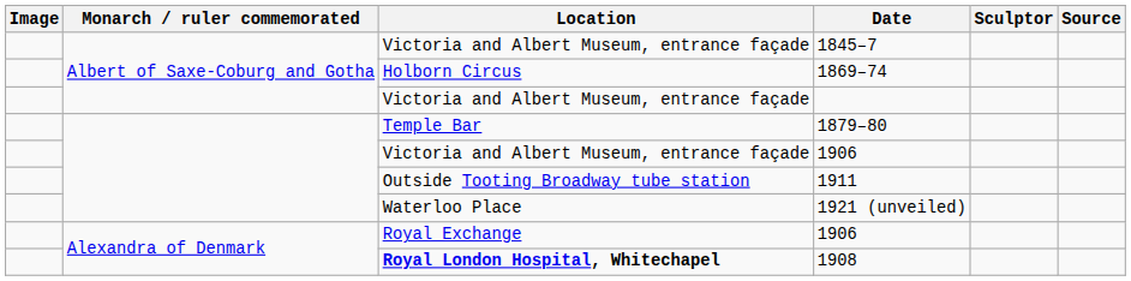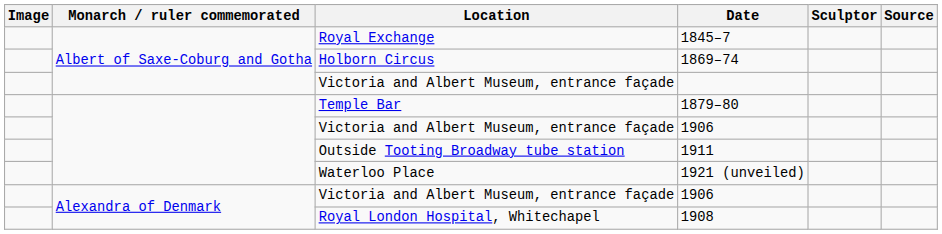 <table class="wikitable sortable">
 <tr>
 <th>Image</th>
 <th>Monarch / ruler commemorated</th>
 <th>Location</th>
 <th>Date</th>
 <th>Sculptor</th>
 <th>Source</th>
 </tr>
 <tr>
 <td></td>
 <td rowspan="3"><a href='#'>Albert of Saxe-Coburg and Gotha</a></td>
-<td>Victoria and Albert Museum, entrance façade</td>
+<td><a href='#'>Royal Exchange</a></td>
 <td>1845–7</td>
 <td></td>
 <td></td>
 </tr>
 <tr>
 <td></td>
 <td><a href='#'>Holborn Circus</a></td>
 <td>1869–74</td>
 <td></td>
 <td></td>
 </tr>
 <tr>
 <td></td>
 <td>Victoria and Albert Museum, entrance façade</td>
 <td></td>
 <td></td>
 <td></td>
 </tr>
 <tr>
 <td></td>
 <td rowspan="4"></td>
 <td><a href='#'>Temple Bar</a></td>
 <td>1879–80</td>
 <td></td>
 <td></td>
 </tr>
 <tr>
 <td></td>
 <td>Victoria and Albert Museum, entrance façade</td>
 <td>1906</td>
 <td></td>
 <td></td>
 </tr>
 <tr>
 <td></td>
 <td>Outside <a href='#'>Tooting Broadway tube station</a></td>
 <td>1911</td>
 <td></td>
 <td></td>
 </tr>
 <tr>
 <td></td>
 <td>Waterloo Place</td>
 <td>1921 (unveiled)</td>
 <td></td>
 <td></td>
 </tr>
 <tr>
 <td></td>
 <td rowspan="2"><a href='#'>Alexandra of Denmark</a></td>
-<td><a href='#'>Royal Exchange</a></td>
+<td>Victoria and Albert Museum, entrance façade</td>
 <td>1906</td>
 <td></td>
 <td></td>
 </tr>
 <tr>
 <td></td>
-<td><strong><a href='#'>Royal London Hospital</a>, Whitechapel</strong></td>
+<td><a href='#'>Royal London Hospital</a>, Whitechapel</td>
 <td>1908</td>
 <td></td>
 <td></td>
 </tr>
 </table>
